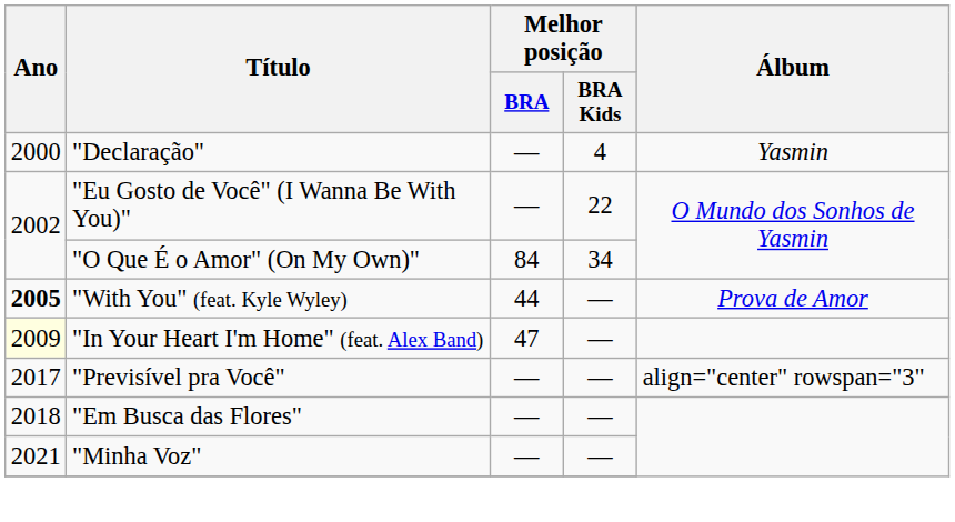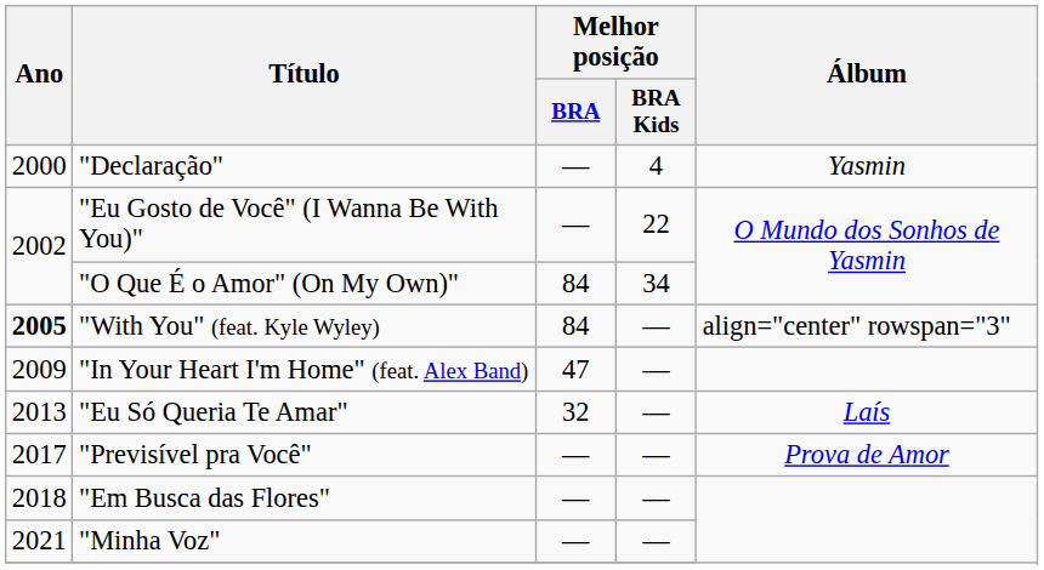 <table class="wikitable">
 <tr>
 <th rowspan="2">Ano</th>
 <th rowspan="2">Título</th>
 <th colspan="2">Melhor posição</th>
 <th rowspan="2">Álbum</th>
 </tr>
 <tr>
 <th style="width:3em;font-size:85%"><a href='#'>BRA</a></th>
 <th style="width:3em;font-size:85%">BRA Kids</th>
 </tr>
 <tr>
 <td align="center" rowspan="1">2000</td>
 <td align="left">"Declaração"</td>
 <td align="center">—</td>
 <td align="center">4</td>
 <td align="center" rowspan="1"><em>Yasmin</em></td>
 </tr>
 <tr>
 <td align="center" rowspan="2">2002</td>
 <td align="left">"Eu Gosto de Você" (I Wanna Be With You)"</td>
 <td align="center">—</td>
 <td align="center">22</td>
 <td align="center" rowspan="2"><em><a href='#'>O Mundo dos Sonhos de Yasmin</a></em></td>
 </tr>
 <tr>
 <td align="left">"O Que É o Amor" (On My Own)"</td>
 <td align="center">84</td>
 <td align="center">34</td>
 </tr>
 <tr>
 <td align="center" rowspan="1"><strong>2005</strong></td>
 <td align="left">"With You" <small>(feat. Kyle Wyley)</small></td>
-<td align="center">44</td>
+<td align="center">84</td>
 <td align="center">—</td>
-<td align="center" rowspan="1"><em><a href='#'>Prova de Amor</a></em></td>
+<td>align="center" rowspan="3" </td>
 </tr>
 <tr>
-<td align="center" rowspan="1" style="background: lightyellow;">2009</td>
+<td align="center" rowspan="1">2009</td>
 <td align="left">"In Your Heart I'm Home" <small>(feat. <a href='#'>Alex Band</a>)</small></td>
 <td align="center">47</td>
 <td align="center">—</td>
 <td></td>
 </tr>
 <tr>
+<td align="center" rowspan="1">2013</td>
+<td align="left">"Eu Só Queria Te Amar"</td>
+<td align="center">32</td>
+<td align="center">—</td>
+<td align="center" rowspan="1"><em><a href='#'>Laís</a></em></td>
+</tr>
+<tr>
 <td align="center" rowspan="1">2017</td>
 <td align="left">"Previsível pra Você"</td>
 <td align="center">—</td>
 <td align="center">—</td>
-<td>align="center" rowspan="3" </td>
+<td align="center" rowspan="1"><em><a href='#'>Prova de Amor</a></em></td>
 </tr>
 <tr>
 <td align="center" rowspan="1">2018</td>
 <td align="left">"Em Busca das Flores"</td>
 <td align="center">—</td>
 <td align="center">—</td>
 </tr>
 <tr>
 <td align="center" rowspan="1">2021</td>
 <td align="left">"Minha Voz"</td>
 <td align="center">—</td>
 <td align="center">—</td>
 </tr>
 <tr>
 </tr>
 </table>
